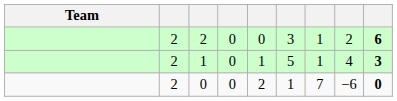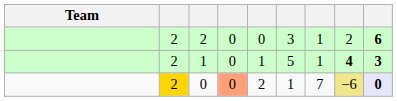 <table class=wikitable style="text-align:center">
 <tr>
 <th width=165>Team</th>
 <th width=25></th>
 <th width=25></th>
 <th width=25></th>
 <th width=25></th>
 <th width=25></th>
 <th width=25></th>
 <th width=25></th>
 <th width=25></th>
 </tr>
 <tr style="background:#ccffcc">
 <td style="text-align:left"></td>
 <td>2</td>
 <td>2</td>
 <td>0</td>
 <td>0</td>
 <td>3</td>
 <td>1</td>
 <td>2</td>
 <td><strong>6</strong></td>
 </tr>
 <tr style="background:#ccffcc">
 <td style="text-align:left"></td>
 <td>2</td>
 <td>1</td>
 <td>0</td>
 <td>1</td>
 <td>5</td>
 <td>1</td>
-<td>4</td>
+<td><strong>4</strong></td>
 <td><strong>3</strong></td>
 </tr>
 <tr>
 <td style="text-align:left"></td>
-<td>2</td>
+<td style="background: gold;">2</td>
 <td>0</td>
-<td>0</td>
+<td style="background: lightsalmon;">0</td>
 <td>2</td>
 <td>1</td>
 <td>7</td>
-<td>−6</td>
-<td><strong>0</strong></td>
+<td style="background: khaki;">−6</td>
+<td style="background: lavender;"><strong>0</strong></td>
 </tr>
 </table>
